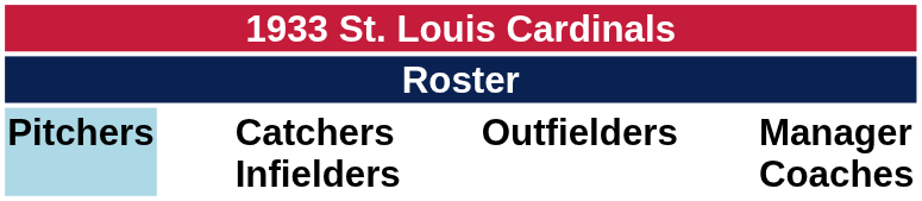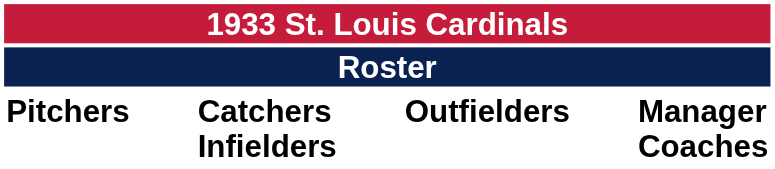 <table class="toccolours" style="font-size: 95%;">
 <tr>
 <th colspan="10" style="background-color: #c41c3a; color: white; text-align: center;">1933 St. Louis Cardinals</th>
 </tr>
 <tr>
 <td colspan="10" style="background-color: #0a2252; color: white; text-align: center;"><strong>Roster</strong></td>
 </tr>
 <tr>
-<td valign="top" style="background: lightblue;"><strong>Pitchers</strong><br>            </td>
+<td valign="top"><strong>Pitchers</strong><br>            </td>
 <td width="25px"></td>
 <td valign="top"><strong>Catchers</strong><br>    <strong>Infielders</strong>          </td>
 <td width="25px"></td>
 <td valign="top"><strong>Outfielders</strong><br>      </td>
 <td width="25px"></td>
 <td valign="top"><strong>Manager</strong><br>  <strong>Coaches</strong> </td>
 </tr>
 </table>
